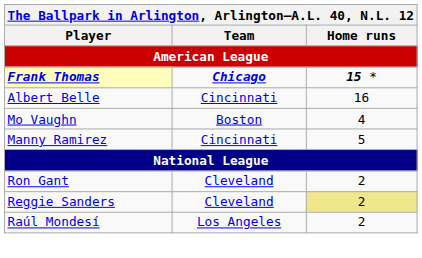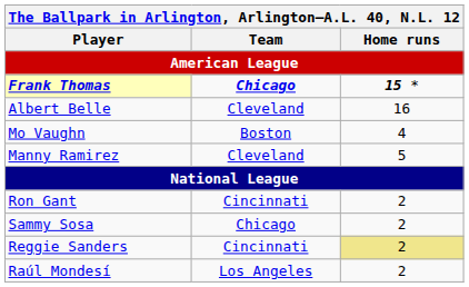 <table class="wikitable" style="text-align:right;">
 <tr>
 <th colspan="3"><a href='#'>The Ballpark in Arlington</a>, Arlington—A.L. 40, N.L. 12</th>
 </tr>
 <tr>
 <th>Player</th>
 <th>Team</th>
 <th>Home runs</th>
 </tr>
 <tr>
 <th colspan="3" style="text-align:center; background:#CC0001; color:#FFFFFF;">American League</th>
 </tr>
 <tr>
 <td align="left" style="background:#ffb"><strong><em><a href='#'>Frank Thomas</a></em></strong></td>
 <td style="text-align:center;"><strong><em><a href='#'>Chicago</a></em></strong></td>
 <td style="text-align:center;"><strong><em>15 </em></strong>*</td>
 </tr>
 <tr>
 <td align="left"><a href='#'>Albert Belle</a></td>
-<td style="text-align:center;"><a href='#'>Cincinnati</a></td>
+<td style="text-align:center;"><a href='#'>Cleveland</a></td>
 <td style="text-align:center;">16</td>
 </tr>
 <tr>
 <td align="left"><a href='#'>Mo Vaughn</a></td>
 <td style="text-align:center;"><a href='#'>Boston</a></td>
 <td style="text-align:center;">4</td>
 </tr>
 <tr>
 <td align="left"><a href='#'>Manny Ramirez</a></td>
-<td style="text-align:center;"><a href='#'>Cincinnati</a></td>
+<td style="text-align:center;"><a href='#'>Cleveland</a></td>
 <td style="text-align:center;">5</td>
 </tr>
 <tr>
 <th colspan="3" style="text-align:center; background:#020088; color:#FFFFFF;">National League</th>
 </tr>
 <tr>
 <td align="left"><a href='#'>Ron Gant</a></td>
-<td style="text-align:center;"><a href='#'>Cleveland</a></td>
+<td style="text-align:center;"><a href='#'>Cincinnati</a></td>
+<td style="text-align:center;">2</td>
+</tr>
+<tr>
+<td align="left"><a href='#'>Sammy Sosa</a></td>
+<td style="text-align:center;"><a href='#'>Chicago</a></td>
 <td style="text-align:center;">2</td>
 </tr>
 <tr>
 <td align="left"><a href='#'>Reggie Sanders</a></td>
-<td style="text-align:center;"><a href='#'>Cleveland</a></td>
+<td style="text-align:center;"><a href='#'>Cincinnati</a></td>
 <td style="background: khaki; text-align:center;">2</td>
 </tr>
 <tr>
 <td align="left"><a href='#'>Raúl Mondesí</a></td>
 <td style="text-align:center;"><a href='#'>Los Angeles</a></td>
 <td style="text-align:center;">2</td>
 </tr>
 </table>
